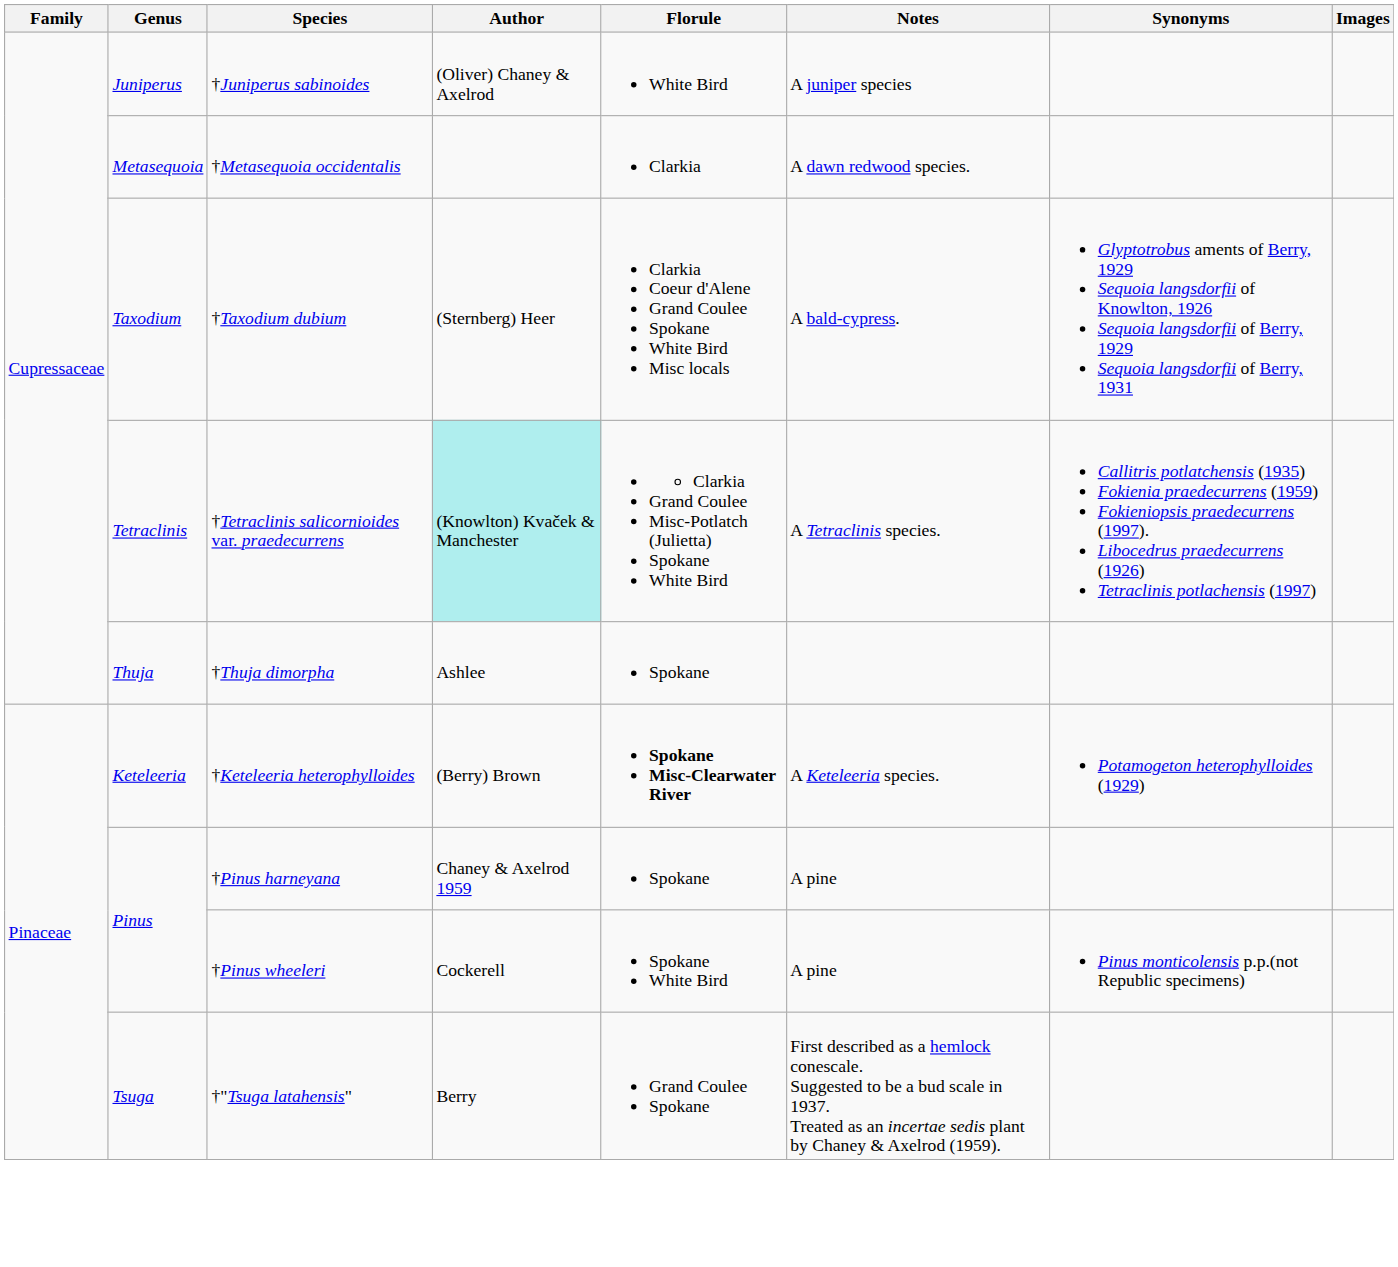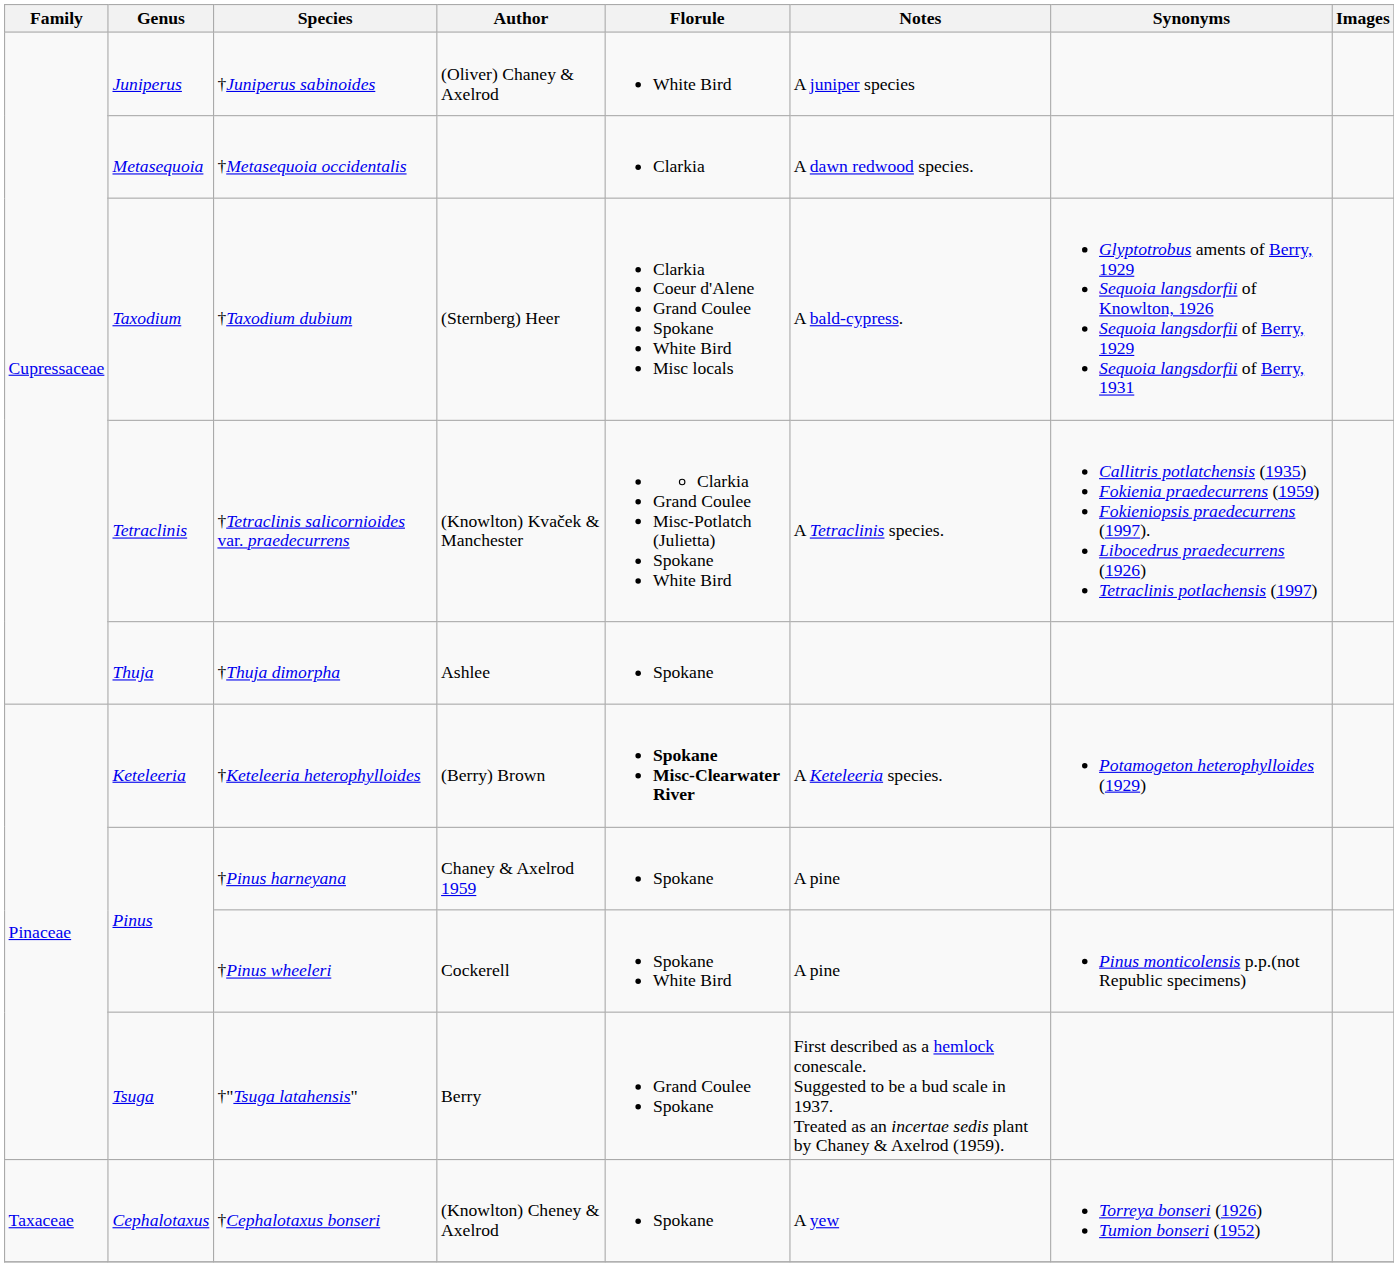 <table class="wikitable sortable mw-collapsible" style="margin:auto; width:100%">
 <tr>
 <th>Family</th>
 <th>Genus</th>
 <th>Species</th>
 <th>Author</th>
 <th>Florule</th>
 <th>Notes</th>
 <th>Synonyms</th>
 <th>Images</th>
 </tr>
 <tr>
 <td rowspan=5><a href='#'>Cupressaceae</a></td>
 <td><br><em><a href='#'>Juniperus</a></em></td>
 <td><br>†<em><a href='#'>Juniperus sabinoides</a></em></td>
 <td><br>(Oliver) Chaney & Axelrod</td>
 <td><br><ul><li>White Bird</li></ul></td>
 <td><br>A <a href='#'>juniper</a> species</td>
 <td></td>
 <td></td>
 </tr>
 <tr>
 <td><br><em><a href='#'>Metasequoia</a></em></td>
 <td><br>†<em><a href='#'>Metasequoia occidentalis</a></em></td>
 <td></td>
 <td><br><ul><li>Clarkia</li></ul></td>
 <td><br>A <a href='#'>dawn redwood</a> species.</td>
 <td></td>
 <td></td>
 </tr>
 <tr>
 <td><br><em><a href='#'>Taxodium</a></em></td>
 <td><br>†<em><a href='#'>Taxodium dubium</a></em></td>
 <td><br>(Sternberg) Heer</td>
 <td><br><ul><li>Clarkia</li><li>Coeur d'Alene</li><li>Grand Coulee</li><li>Spokane</li><li>White Bird</li><li>Misc locals</li></ul></td>
 <td><br>A <a href='#'>bald-cypress</a>.</td>
 <td><br><ul><li><em><a href='#'>Glyptotrobus</a></em> aments of <a href='#'>Berry, 1929</a></li><li><em><a href='#'>Sequoia langsdorfii</a></em> of <a href='#'>Knowlton, 1926</a></li><li><em><a href='#'>Sequoia langsdorfii</a></em> of <a href='#'>Berry, 1929</a></li><li><em><a href='#'>Sequoia langsdorfii</a></em> of <a href='#'>Berry, 1931</a></li></ul></td>
 <td><br></td>
 </tr>
 <tr>
 <td><br><em><a href='#'>Tetraclinis</a></em></td>
 <td><br>†<a href='#'><em>Tetraclinis salicornioides</em> var. <em>praedecurrens</em></a></td>
-<td style="background: paleturquoise;"><br>(Knowlton) Kvaček & Manchester</td>
+<td><br>(Knowlton) Kvaček & Manchester</td>
 <td><br><ul><li><ul><li>Clarkia</li></ul></li><li>Grand Coulee</li><li>Misc-Potlatch (Julietta)</li><li>Spokane</li><li>White Bird</li></ul></td>
 <td><br>A <em><a href='#'>Tetraclinis</a></em> species.</td>
 <td><br><ul><li><em><a href='#'>Callitris potlatchensis</a></em> (<a href='#'>1935</a>)</li><li><em><a href='#'>Fokienia praedecurrens</a></em> (<a href='#'>1959</a>)</li><li><em><a href='#'>Fokieniopsis praedecurrens</a></em> (<a href='#'>1997</a>).</li><li><em><a href='#'>Libocedrus praedecurrens</a></em> (<a href='#'>1926</a>)</li><li><em><a href='#'>Tetraclinis potlachensis</a></em> (<a href='#'>1997</a>)</li></ul></td>
 <td><br></td>
 </tr>
 <tr>
 <td><br><em><a href='#'>Thuja</a></em></td>
 <td><br>†<em><a href='#'>Thuja dimorpha</a></em></td>
 <td><br>Ashlee</td>
 <td><br><ul><li>Spokane</li></ul></td>
 <td></td>
 <td></td>
 <td></td>
 </tr>
 <tr>
 <td rowspan=4><a href='#'>Pinaceae</a></td>
 <td><br><em><a href='#'>Keteleeria</a></em></td>
 <td><br>†<em><a href='#'>Keteleeria heterophylloides</a></em></td>
 <td><br>(Berry) Brown</td>
 <td><strong><br><ul><li>Spokane</li><li>Misc-Clearwater River</li></ul></strong></td>
 <td><br>A <em><a href='#'>Keteleeria</a></em> species.</td>
 <td><br><ul><li><em><a href='#'>Potamogeton heterophylloides</a></em> (<a href='#'>1929</a>)</li></ul></td>
 <td><br></td>
 </tr>
 <tr>
 <td rowspan=2><em><a href='#'>Pinus</a></em></td>
 <td><br>†<em><a href='#'>Pinus harneyana</a></em></td>
 <td><br>Chaney & Axelrod <a href='#'>1959</a></td>
 <td><br><ul><li>Spokane</li></ul></td>
 <td><br>A pine</td>
 <td></td>
 <td><br></td>
 </tr>
 <tr>
 <td><br>†<em><a href='#'>Pinus wheeleri</a></em></td>
 <td><br>Cockerell</td>
 <td><br><ul><li>Spokane</li><li>White Bird</li></ul></td>
 <td><br>A pine</td>
 <td><br><ul><li><em><a href='#'>Pinus monticolensis</a></em> p.p.(not Republic specimens)</li></ul></td>
 <td></td>
 </tr>
 <tr>
 <td><br><em><a href='#'>Tsuga</a></em></td>
 <td><br>†"<em><a href='#'>Tsuga latahensis</a></em>"</td>
 <td><br>Berry</td>
 <td><br><ul><li>Grand Coulee</li><li>Spokane</li></ul></td>
 <td><br>First described as a <a href='#'>hemlock</a> conescale.<br>Suggested to be a bud scale in 1937.<br>Treated as an <em>incertae sedis</em> plant by Chaney & Axelrod (1959).</td>
 <td></td>
 <td><br></td>
 </tr>
 <tr>
+<td><br><a href='#'>Taxaceae</a></td>
+<td><br><em><a href='#'>Cephalotaxus</a></em></td>
+<td><br>†<em><a href='#'>Cephalotaxus bonseri</a></em></td>
+<td><br>(Knowlton) Cheney & Axelrod</td>
+<td><br><ul><li>Spokane</li></ul></td>
+<td><br>A <a href='#'>yew</a></td>
+<td><br><ul><li><em><a href='#'>Torreya bonseri</a></em> (<a href='#'>1926</a>)</li><li><em><a href='#'>Tumion bonseri</a></em> (<a href='#'>1952</a>)</li></ul></td>
+<td><br></td>
+</tr>
+<tr>
 </tr>
 </table>
